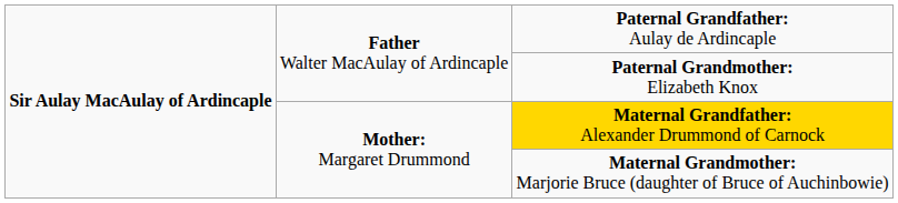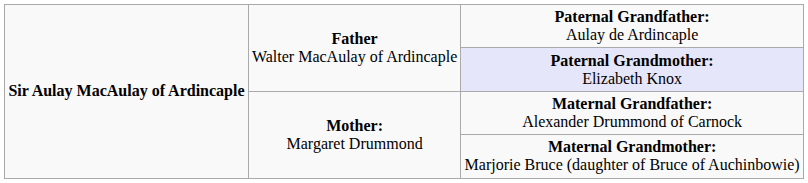 <table class="wikitable" style="margin: 1em auto;">
 <tr>
 <td rowspan="4" align="center"><strong>Sir Aulay MacAulay of Ardincaple</strong></td>
 <td rowspan="2" align="center"><strong>Father</strong><br>Walter MacAulay of Ardincaple</td>
 <td align="center"><strong>Paternal Grandfather:</strong><br>Aulay de Ardincaple</td>
 </tr>
 <tr>
-<td align="center"><strong>Paternal Grandmother:</strong><br>Elizabeth Knox</td>
+<td align="center" style="background: lavender;"><strong>Paternal Grandmother:</strong><br>Elizabeth Knox</td>
 </tr>
 <tr>
 <td rowspan="2" align="center"><strong>Mother:</strong><br>Margaret Drummond</td>
-<td align="center" style="background: gold;"><strong>Maternal Grandfather:</strong><br>Alexander Drummond of Carnock</td>
+<td align="center"><strong>Maternal Grandfather:</strong><br>Alexander Drummond of Carnock</td>
 </tr>
 <tr>
 <td align="center"><strong>Maternal Grandmother:</strong><br>Marjorie Bruce (daughter of Bruce of Auchinbowie)</td>
 </tr>
 </table>
